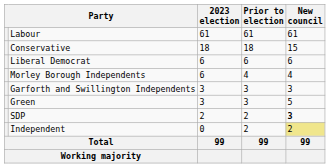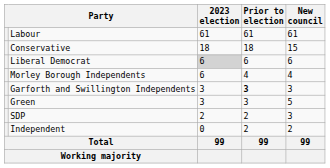 <table class="wikitable">
 <tr>
 <th colspan="2" style="width:230px;">Party</th>
 <th style="vertical-align:top; width:30px;">2023 election</th>
 <th style="vertical-align:top; width:30px;">Prior to election</th>
 <th style="vertical-align:top; width:30px;">New council</th>
 </tr>
 <tr>
 <th style="background-color: "></th>
 <td>Labour</td>
 <td>61</td>
 <td>61</td>
 <td>61</td>
 </tr>
 <tr>
 <th style="background-color: "></th>
 <td>Conservative</td>
 <td>18</td>
 <td>18</td>
 <td>15</td>
 </tr>
 <tr>
 <th style="background-color: "></th>
 <td>Liberal Democrat</td>
-<td>6</td>
+<td style="background: lightgrey;">6</td>
 <td>6</td>
 <td>6</td>
 </tr>
 <tr>
 <th style="background-color: "></th>
 <td>Morley Borough Independents</td>
 <td>6</td>
 <td>4</td>
 <td>4</td>
 </tr>
 <tr>
 <th style="background-color: "></th>
 <td>Garforth and Swillington Independents</td>
 <td>3</td>
-<td>3</td>
+<td><strong>3</strong></td>
 <td>3</td>
 </tr>
 <tr>
 <th style="background-color: "></th>
 <td>Green</td>
 <td>3</td>
 <td>3</td>
 <td>5</td>
 </tr>
 <tr>
 <th style="background-color: "></th>
 <td>SDP</td>
 <td>2</td>
 <td>2</td>
-<td><strong>3</strong></td>
+<td>3</td>
 </tr>
 <tr>
 <th style="background-color: "></th>
 <td>Independent</td>
 <td>0</td>
 <td>2</td>
-<td style="background: khaki;">2</td>
+<td>2</td>
 </tr>
 <tr>
 <th colspan=2>Total</th>
 <th style="text-align: center">99</th>
 <th>99</th>
 <th>99</th>
 </tr>
 <tr>
 <th colspan=2>Working majority</th>
 <th></th>
 <th></th>
 <th></th>
 </tr>
 </table>
